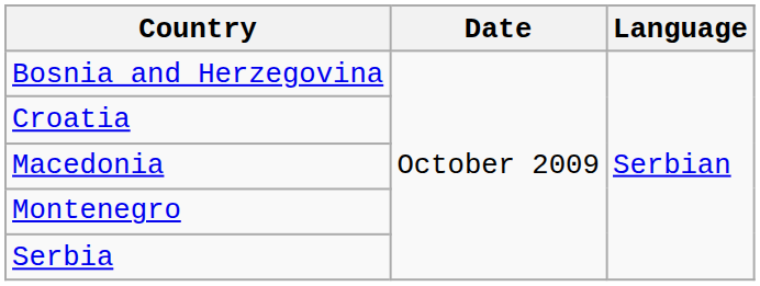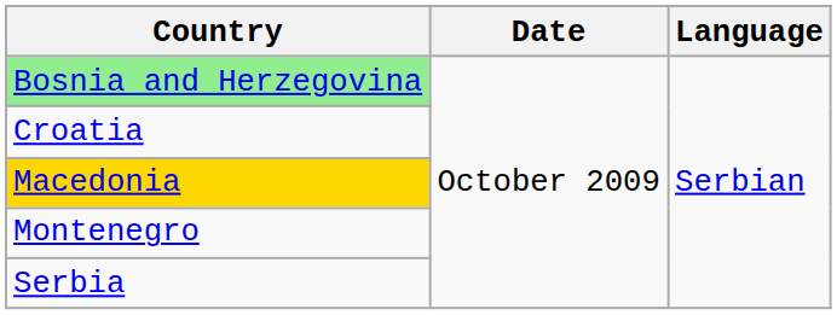 <table class="wikitable">
 <tr>
 <th>Country</th>
 <th>Date</th>
 <th>Language</th>
 </tr>
 <tr>
-<td><a href='#'>Bosnia and Herzegovina</a></td>
+<td style="background: lightgreen;"><a href='#'>Bosnia and Herzegovina</a></td>
 <td rowspan="5">October 2009</td>
 <td rowspan="5"><a href='#'>Serbian</a></td>
 </tr>
 <tr>
 <td><a href='#'>Croatia</a></td>
 </tr>
 <tr>
-<td><a href='#'>Macedonia</a></td>
+<td style="background: gold;"><a href='#'>Macedonia</a></td>
 </tr>
 <tr>
 <td><a href='#'>Montenegro</a></td>
 </tr>
 <tr>
 <td><a href='#'>Serbia</a></td>
 </tr>
 </table>
